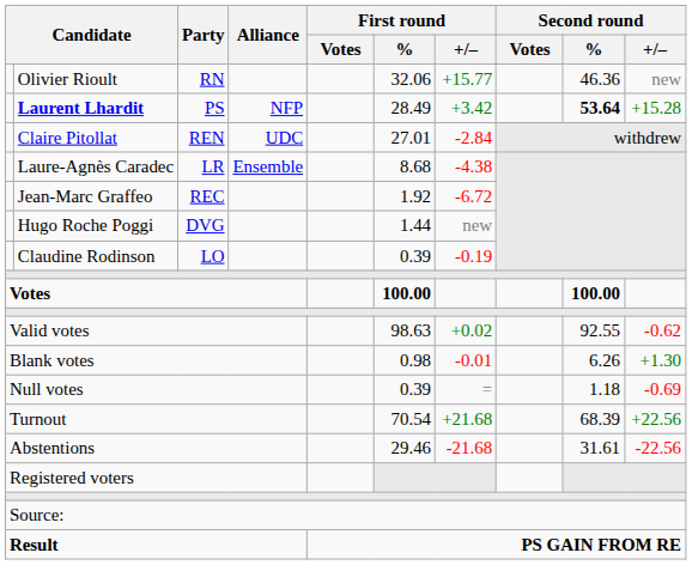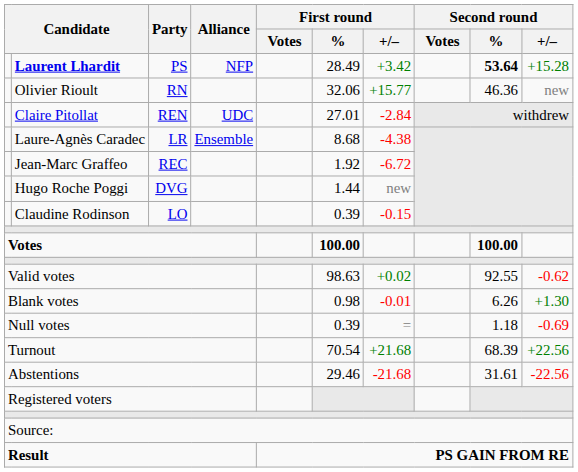 <table class="wikitable" style="text-align:right;font-size:95%;">
 <tr>
 <th rowspan="2" colspan="2">Candidate</th>
 <th colspan="1" rowspan="2">Party</th>
 <th colspan="1" rowspan="2">Alliance</th>
 <th colspan="3">First round</th>
 <th colspan="3">Second round</th>
 </tr>
 <tr>
 <th style="width:50px;">Votes</th>
 <th style="width:45px;">%</th>
 <th style="width:45px;">+/–</th>
 <th style="width:50px;">Votes</th>
 <th style="width:45px;">%</th>
 <th style="width:45px;">+/–</th>
 </tr>
 <tr>
 <td style="color:inherit;background:"></td>
+<td style="text-align:left;"><strong><a href='#'>Laurent Lhardit</a></strong></td>
+<td><a href='#'>PS</a></td>
+<td><a href='#'>NFP</a></td>
+<td></td>
+<td>28.49</td>
+<td style="color:green;">+3.42</td>
+<td><strong></strong></td>
+<td><strong>53.64</strong></td>
+<td style="color:green;">+15.28</td>
+</tr>
+<tr>
+<td style="color:inherit;background:"></td>
 <td style="text-align:left;">Olivier Rioult</td>
 <td><a href='#'>RN</a></td>
 <td></td>
 <td></td>
 <td>32.06</td>
 <td style="color:green;">+15.77</td>
 <td></td>
 <td>46.36</td>
 <td style="color:grey;">new</td>
-</tr>
-<tr>
-<td style="color:inherit;background:"></td>
-<td style="text-align:left;"><strong><a href='#'>Laurent Lhardit</a></strong></td>
-<td><a href='#'>PS</a></td>
-<td><a href='#'>NFP</a></td>
-<td></td>
-<td>28.49</td>
-<td style="color:green;">+3.42</td>
-<td><strong></strong></td>
-<td><strong>53.64</strong></td>
-<td style="color:green;">+15.28</td>
 </tr>
 <tr>
 <td style="color:inherit;background:"></td>
 <td style="text-align:left;"><a href='#'>Claire Pitollat</a></td>
 <td><a href='#'>REN</a></td>
 <td><a href='#'>UDC</a></td>
 <td></td>
 <td>27.01</td>
 <td style="color:red;">-2.84</td>
 <td colspan="3" style="background:#E9E9E9;">withdrew</td>
 </tr>
 <tr>
 <td style="color:inherit;background:"></td>
 <td style="text-align:left;">Laure-Agnès Caradec</td>
 <td><a href='#'>LR</a></td>
 <td><a href='#'>Ensemble</a></td>
 <td></td>
 <td>8.68</td>
 <td style="color:red;">-4.38</td>
 <td colspan="3" rowspan="4" style="background:#E9E9E9;"></td>
 </tr>
 <tr>
 <td style="color:inherit;background:"></td>
 <td style="text-align:left;">Jean-Marc Graffeo</td>
 <td><a href='#'>REC</a></td>
 <td></td>
 <td></td>
 <td>1.92</td>
 <td style="color:red;">-6.72</td>
 </tr>
 <tr>
 <td style="color:inherit;background:"></td>
 <td style="text-align:left;">Hugo Roche Poggi</td>
 <td><a href='#'>DVG</a></td>
 <td></td>
 <td></td>
 <td>1.44</td>
 <td style="color:grey;">new</td>
 </tr>
 <tr>
 <td style="color:inherit;background:"></td>
 <td style="text-align:left;">Claudine Rodinson</td>
 <td><a href='#'>LO</a></td>
 <td></td>
 <td></td>
 <td>0.39</td>
-<td style="color:red;">-0.19</td>
+<td style="color:red;">-0.15</td>
 </tr>
 <tr>
 <td colspan="10" style="background:#E9E9E9;"></td>
 </tr>
 <tr style="font-weight:bold;">
 <td colspan="4" style="text-align:left;">Votes</td>
 <td></td>
 <td>100.00</td>
 <td></td>
 <td></td>
 <td>100.00</td>
 <td></td>
 </tr>
 <tr>
 <td colspan="10" style="background:#E9E9E9;"></td>
 </tr>
 <tr>
 <td colspan="4" style="text-align:left;">Valid votes</td>
 <td></td>
 <td>98.63</td>
 <td style="color:green;">+0.02</td>
 <td></td>
 <td>92.55</td>
 <td style="color:red;">-0.62</td>
 </tr>
 <tr>
 <td colspan="4" style="text-align:left;">Blank votes</td>
 <td></td>
 <td>0.98</td>
 <td style="color:red;">-0.01</td>
 <td></td>
 <td>6.26</td>
 <td style="color:green;">+1.30</td>
 </tr>
 <tr>
 <td colspan="4" style="text-align:left;">Null votes</td>
 <td></td>
 <td>0.39</td>
 <td style="color:grey;">=</td>
 <td></td>
 <td>1.18</td>
 <td style="color:red;">-0.69</td>
 </tr>
 <tr>
 <td colspan="4" style="text-align:left;">Turnout</td>
 <td></td>
 <td>70.54</td>
 <td style="color:green;">+21.68</td>
 <td></td>
 <td>68.39</td>
 <td style="color:green;">+22.56</td>
 </tr>
 <tr>
 <td colspan="4" style="text-align:left;">Abstentions</td>
 <td></td>
 <td>29.46</td>
 <td style="color:red;">-21.68</td>
 <td></td>
 <td>31.61</td>
 <td style="color:red;">-22.56</td>
 </tr>
 <tr>
 <td colspan="4" style="text-align:left;">Registered voters</td>
 <td></td>
 <td colspan="2" style="background:#E9E9E9;"></td>
 <td></td>
 <td colspan="2" style="background:#E9E9E9;"></td>
 </tr>
 <tr>
 <td colspan="10" style="background:#E9E9E9;"></td>
 </tr>
 <tr>
 <td colspan="10" style="text-align:left;">Source: </td>
 </tr>
 <tr style="font-weight:bold">
 <td colspan="4" style="text-align:left;">Result</td>
 <td colspan="6" style="background-color:">PS GAIN FROM RE</td>
 </tr>
 </table>
